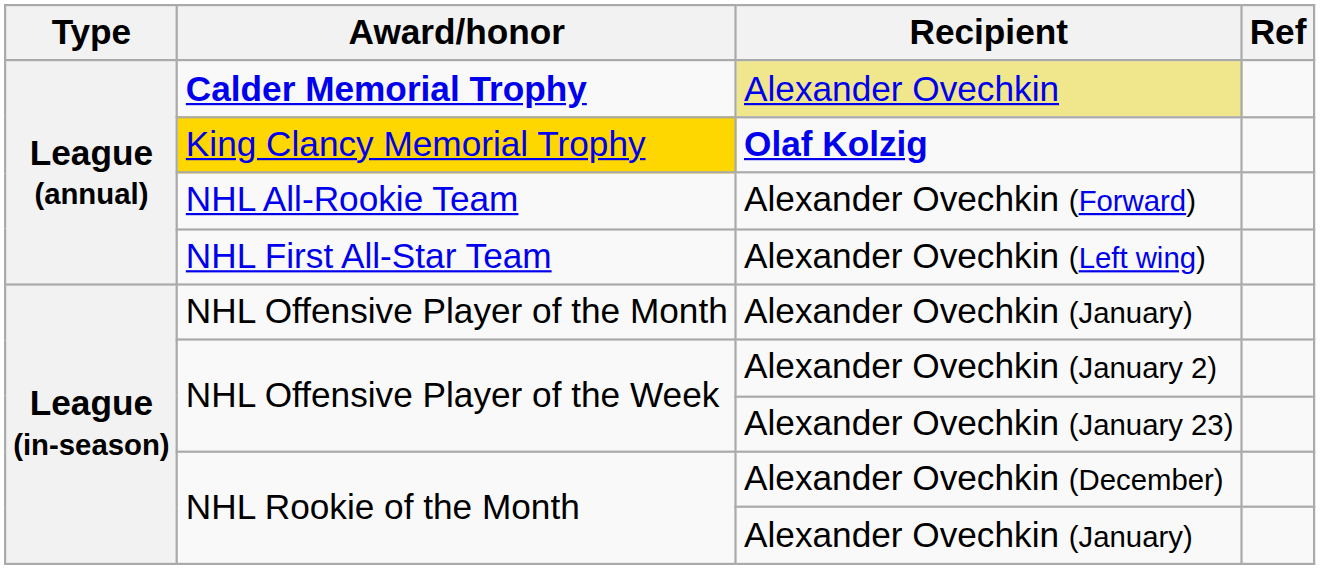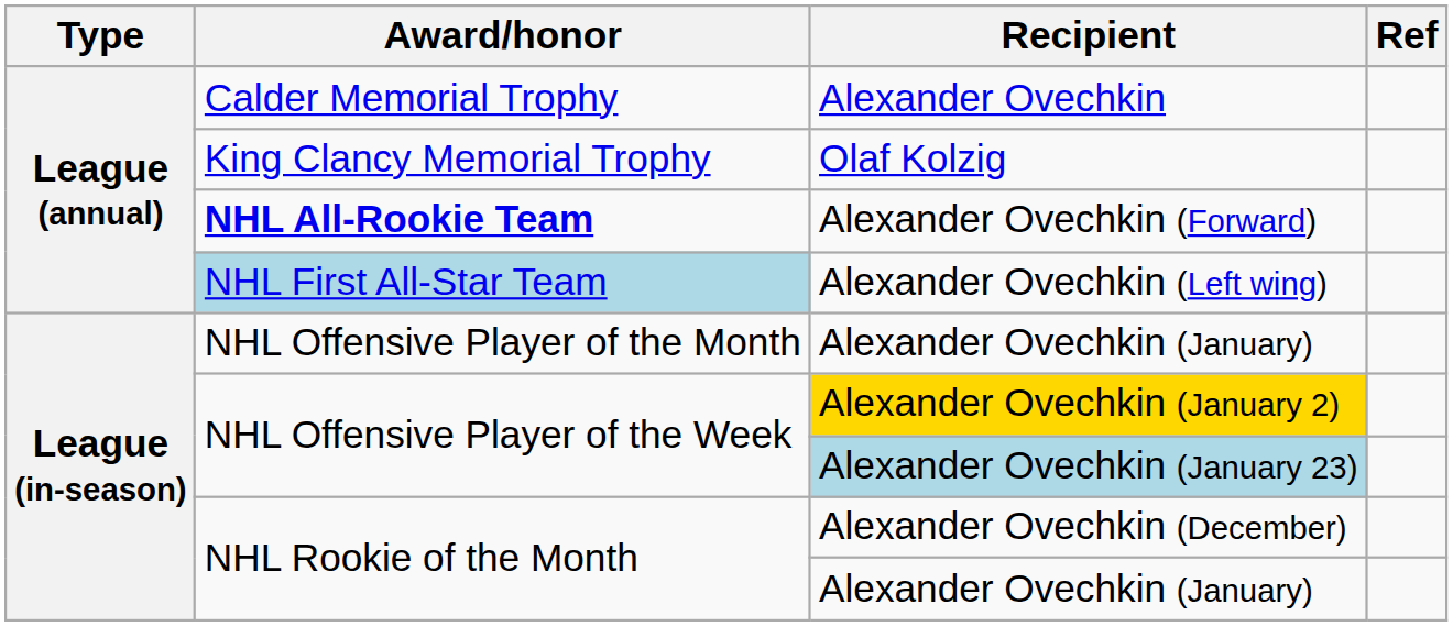 <table class="wikitable">
 <tr>
 <th scope="col">Type</th>
 <th scope="col">Award/honor</th>
 <th scope="col">Recipient</th>
 <th scope="col">Ref</th>
 </tr>
 <tr>
 <th scope="row" rowspan="4">League<br><small>(annual)</small></th>
-<td><strong><a href='#'>Calder Memorial Trophy</a></strong></td>
-<td style="background: khaki;"><a href='#'>Alexander Ovechkin</a></td>
+<td><a href='#'>Calder Memorial Trophy</a></td>
+<td><a href='#'>Alexander Ovechkin</a></td>
 <td></td>
 </tr>
 <tr>
-<td style="background: gold;"><a href='#'>King Clancy Memorial Trophy</a></td>
-<td><strong><a href='#'>Olaf Kolzig</a></strong></td>
+<td><a href='#'>King Clancy Memorial Trophy</a></td>
+<td><a href='#'>Olaf Kolzig</a></td>
 <td></td>
 </tr>
 <tr>
-<td><a href='#'>NHL All-Rookie Team</a></td>
+<td><strong><a href='#'>NHL All-Rookie Team</a></strong></td>
 <td>Alexander Ovechkin <small>(<a href='#'>Forward</a>)</small></td>
 <td></td>
 </tr>
 <tr>
-<td><a href='#'>NHL First All-Star Team</a></td>
+<td style="background: lightblue;"><a href='#'>NHL First All-Star Team</a></td>
 <td>Alexander Ovechkin <small>(<a href='#'>Left wing</a>)</small></td>
 <td></td>
 </tr>
 <tr>
 <th scope="row" rowspan="5">League<br><small>(in-season)</small></th>
 <td>NHL Offensive Player of the Month</td>
 <td>Alexander Ovechkin <small>(January)</small></td>
 <td></td>
 </tr>
 <tr>
 <td rowspan="2">NHL Offensive Player of the Week</td>
-<td>Alexander Ovechkin <small>(January 2)</small></td>
+<td style="background: gold;">Alexander Ovechkin <small>(January 2)</small></td>
 <td></td>
 </tr>
 <tr>
-<td>Alexander Ovechkin <small>(January 23)</small></td>
+<td style="background: lightblue;">Alexander Ovechkin <small>(January 23)</small></td>
 <td></td>
 </tr>
 <tr>
 <td rowspan="2">NHL Rookie of the Month</td>
 <td>Alexander Ovechkin <small>(December)</small></td>
 <td></td>
 </tr>
 <tr>
 <td>Alexander Ovechkin <small>(January)</small></td>
 <td></td>
 </tr>
 </table>
